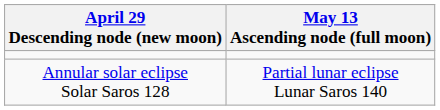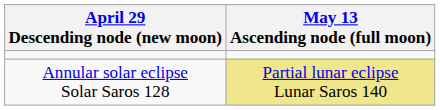 <table class="wikitable">
 <tr>
 <th><a href='#'>April 29</a><br>Descending node (new moon)<br></th>
 <th><a href='#'>May 13</a><br>Ascending node (full moon)<br></th>
 </tr>
 <tr>
 <td></td>
 <td></td>
 </tr>
 <tr align=center>
 <td><a href='#'>Annular solar eclipse</a><br>Solar Saros 128</td>
-<td><a href='#'>Partial lunar eclipse</a><br>Lunar Saros 140</td>
+<td style="background: khaki;"><a href='#'>Partial lunar eclipse</a><br>Lunar Saros 140</td>
 </tr>
 </table>
